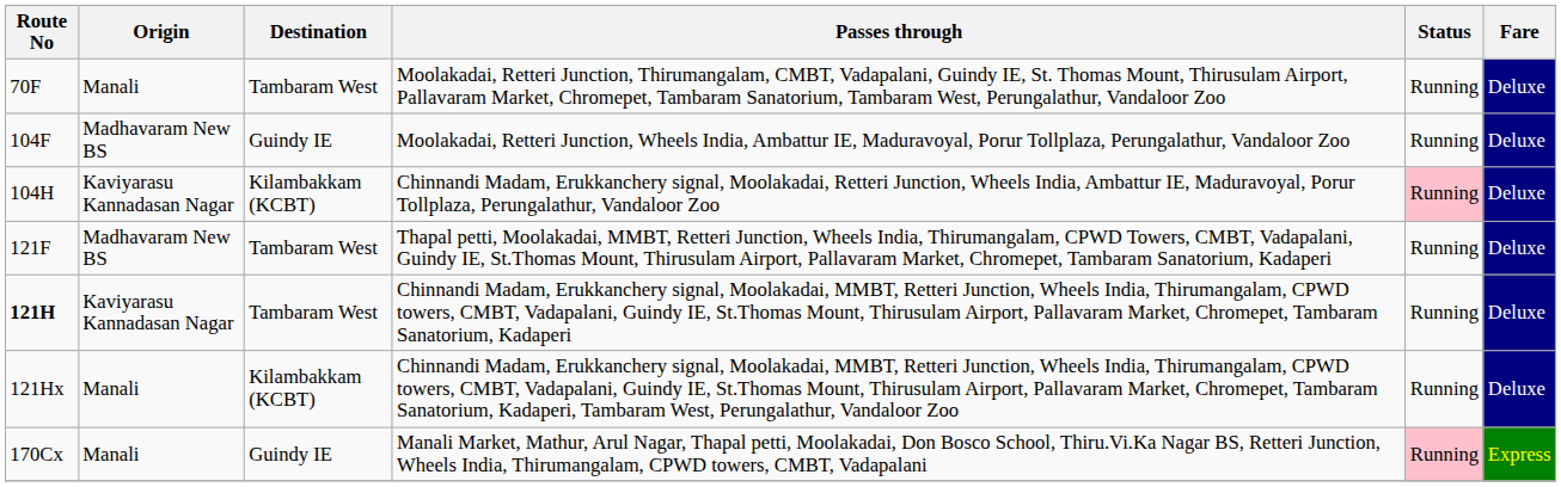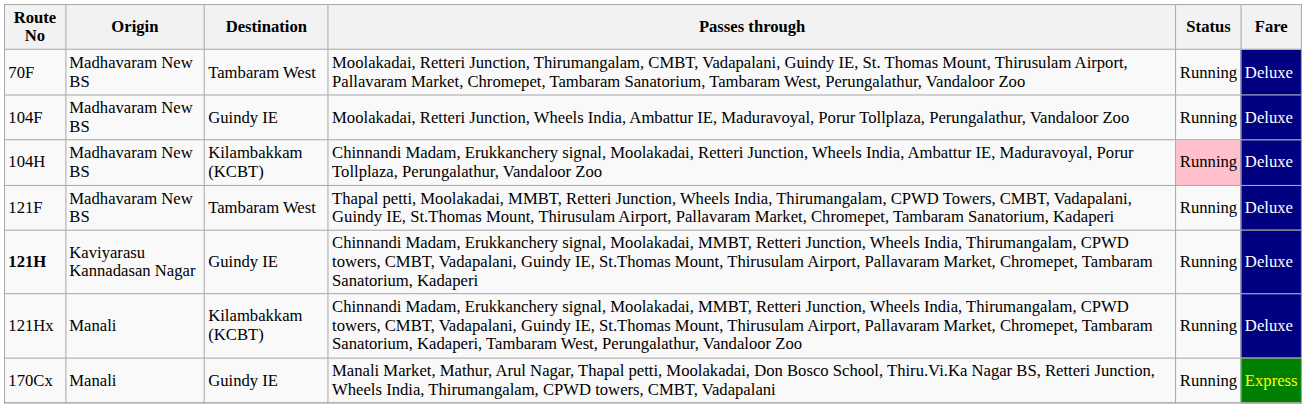 <table class="wikitable sortable collapsable plainrowheaders">
 <tr>
 <th>Route No</th>
 <th>Origin</th>
 <th>Destination</th>
 <th>Passes through</th>
 <th>Status</th>
 <th>Fare</th>
 </tr>
 <tr>
 <td>70F</td>
-<td>Manali</td>
+<td>Madhavaram New BS</td>
 <td>Tambaram West</td>
 <td>Moolakadai, Retteri Junction, Thirumangalam, CMBT, Vadapalani, Guindy IE, St. Thomas Mount, Thirusulam Airport, Pallavaram Market, Chromepet, Tambaram Sanatorium, Tambaram West, Perungalathur, Vandaloor Zoo</td>
 <td>Running</td>
 <td style="background:navy; color:white">Deluxe</td>
 </tr>
 <tr>
 <td>104F</td>
 <td>Madhavaram New BS</td>
 <td>Guindy IE</td>
 <td>Moolakadai, Retteri Junction, Wheels India, Ambattur IE, Maduravoyal, Porur Tollplaza, Perungalathur, Vandaloor Zoo</td>
 <td>Running</td>
 <td style="background:navy; color:white">Deluxe</td>
 </tr>
 <tr>
 <td>104H</td>
-<td>Kaviyarasu Kannadasan Nagar</td>
+<td>Madhavaram New BS</td>
 <td>Kilambakkam (KCBT)</td>
 <td>Chinnandi Madam, Erukkanchery signal, Moolakadai, Retteri Junction, Wheels India, Ambattur IE, Maduravoyal, Porur Tollplaza, Perungalathur, Vandaloor Zoo</td>
 <td style="background: pink;">Running</td>
 <td style="background:navy; color:white">Deluxe</td>
 </tr>
 <tr>
 <td>121F</td>
 <td>Madhavaram New BS</td>
 <td>Tambaram West</td>
 <td>Thapal petti, Moolakadai, MMBT, Retteri Junction, Wheels India, Thirumangalam, CPWD Towers, CMBT, Vadapalani, Guindy IE, St.Thomas Mount, Thirusulam Airport, Pallavaram Market, Chromepet, Tambaram Sanatorium, Kadaperi</td>
 <td>Running</td>
 <td style="background:navy; color:white">Deluxe</td>
 </tr>
 <tr>
 <td><strong>121H</strong></td>
 <td>Kaviyarasu Kannadasan Nagar</td>
-<td>Tambaram West</td>
+<td>Guindy IE</td>
 <td>Chinnandi Madam, Erukkanchery signal, Moolakadai, MMBT, Retteri Junction, Wheels India, Thirumangalam, CPWD towers, CMBT, Vadapalani, Guindy IE, St.Thomas Mount, Thirusulam Airport, Pallavaram Market, Chromepet, Tambaram Sanatorium, Kadaperi</td>
 <td>Running</td>
 <td style="background:navy; color:white">Deluxe</td>
 </tr>
 <tr>
 <td>121Hx</td>
 <td>Manali</td>
 <td>Kilambakkam (KCBT)</td>
 <td>Chinnandi Madam, Erukkanchery signal, Moolakadai, MMBT, Retteri Junction, Wheels India, Thirumangalam, CPWD towers, CMBT, Vadapalani, Guindy IE, St.Thomas Mount, Thirusulam Airport, Pallavaram Market, Chromepet, Tambaram Sanatorium, Kadaperi, Tambaram West, Perungalathur, Vandaloor Zoo</td>
 <td>Running</td>
 <td style="background:navy; color:white">Deluxe</td>
 </tr>
 <tr>
 <td>170Cx</td>
 <td>Manali</td>
 <td>Guindy IE</td>
 <td>Manali Market, Mathur, Arul Nagar, Thapal petti, Moolakadai, Don Bosco School, Thiru.Vi.Ka Nagar BS, Retteri Junction, Wheels India, Thirumangalam, CPWD towers, CMBT, Vadapalani</td>
-<td style="background: pink;">Running</td>
+<td>Running</td>
 <td style="background:green; color:yellow">Express</td>
 </tr>
 <tr>
 </tr>
 </table>
